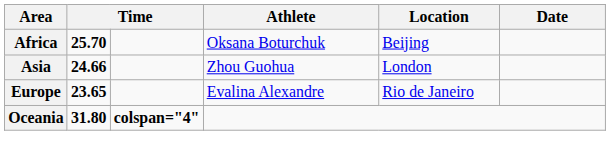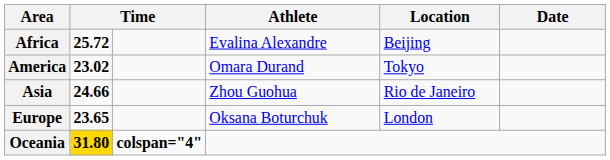 <table class="wikitable">
 <tr>
 <th width="45">Area</th>
 <th width="80" colspan="2">Time</th>
 <th width="200">Athlete</th>
 <th width="130">Location</th>
 <th width="120">Date</th>
 </tr>
 <tr>
 <th>Africa</th>
-<td align="center"><strong>25.70</strong></td>
+<td align="center"><strong>25.72</strong></td>
 <td align="center"></td>
-<td> <a href='#'>Oksana Boturchuk</a></td>
+<td> <a href='#'>Evalina Alexandre</a></td>
 <td> <a href='#'>Beijing</a></td>
+<td align="right"></td>
+</tr>
+<tr>
+<th>America</th>
+<td align="center"><strong>23.02</strong></td>
+<td align="center"><strong></strong></td>
+<td> <a href='#'>Omara Durand</a></td>
+<td> <a href='#'>Tokyo</a></td>
 <td align="right"></td>
 </tr>
 <tr>
 <th>Asia</th>
 <td align="center"><strong>24.66</strong></td>
 <td align="center"></td>
 <td> <a href='#'>Zhou Guohua</a></td>
-<td> <a href='#'>London</a></td>
+<td> <a href='#'>Rio de Janeiro</a></td>
 <td align="right"></td>
 </tr>
 <tr>
 <th>Europe</th>
 <td align="center"><strong>23.65</strong></td>
 <td align="center"></td>
-<td> <a href='#'>Evalina Alexandre</a></td>
-<td> <a href='#'>Rio de Janeiro</a></td>
+<td> <a href='#'>Oksana Boturchuk</a></td>
+<td> <a href='#'>London</a></td>
 <td align="right"></td>
 </tr>
 <tr>
 <th>Oceania</th>
-<td align="center"><strong>31.80</strong></td>
+<td align="center" style="background: gold;"><strong>31.80</strong></td>
 <td><strong>colspan="4" </strong></td>
 </tr>
 </table>
